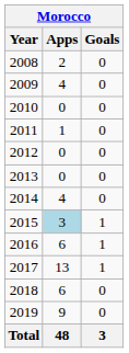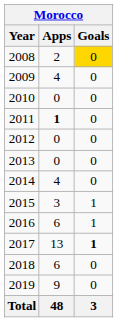 <table class="wikitable" style="text-align:center">
 <tr>
 <th colspan="3"><a href='#'>Morocco</a></th>
 </tr>
 <tr>
 <th>Year</th>
 <th>Apps</th>
 <th>Goals</th>
 </tr>
 <tr>
 <td>2008</td>
 <td>2</td>
-<td>0</td>
+<td style="background: gold;">0</td>
 </tr>
 <tr>
 <td>2009</td>
 <td>4</td>
 <td>0</td>
 </tr>
 <tr>
 <td>2010</td>
 <td>0</td>
 <td>0</td>
 </tr>
 <tr>
 <td>2011</td>
-<td>1</td>
+<td><strong>1</strong></td>
 <td>0</td>
 </tr>
 <tr>
 <td>2012</td>
 <td>0</td>
 <td>0</td>
 </tr>
 <tr>
 <td>2013</td>
 <td>0</td>
 <td>0</td>
 </tr>
 <tr>
 <td>2014</td>
 <td>4</td>
 <td>0</td>
 </tr>
 <tr>
 <td>2015</td>
-<td style="background: lightblue;">3</td>
+<td>3</td>
 <td>1</td>
 </tr>
 <tr>
 <td>2016</td>
 <td>6</td>
 <td>1</td>
 </tr>
 <tr>
 <td>2017</td>
 <td>13</td>
-<td>1</td>
+<td><strong>1</strong></td>
 </tr>
 <tr>
 <td>2018</td>
 <td>6</td>
 <td>0</td>
 </tr>
 <tr>
 <td>2019</td>
 <td>9</td>
 <td>0</td>
 </tr>
 <tr>
 <th>Total</th>
 <th>48</th>
 <th>3</th>
 </tr>
 </table>
